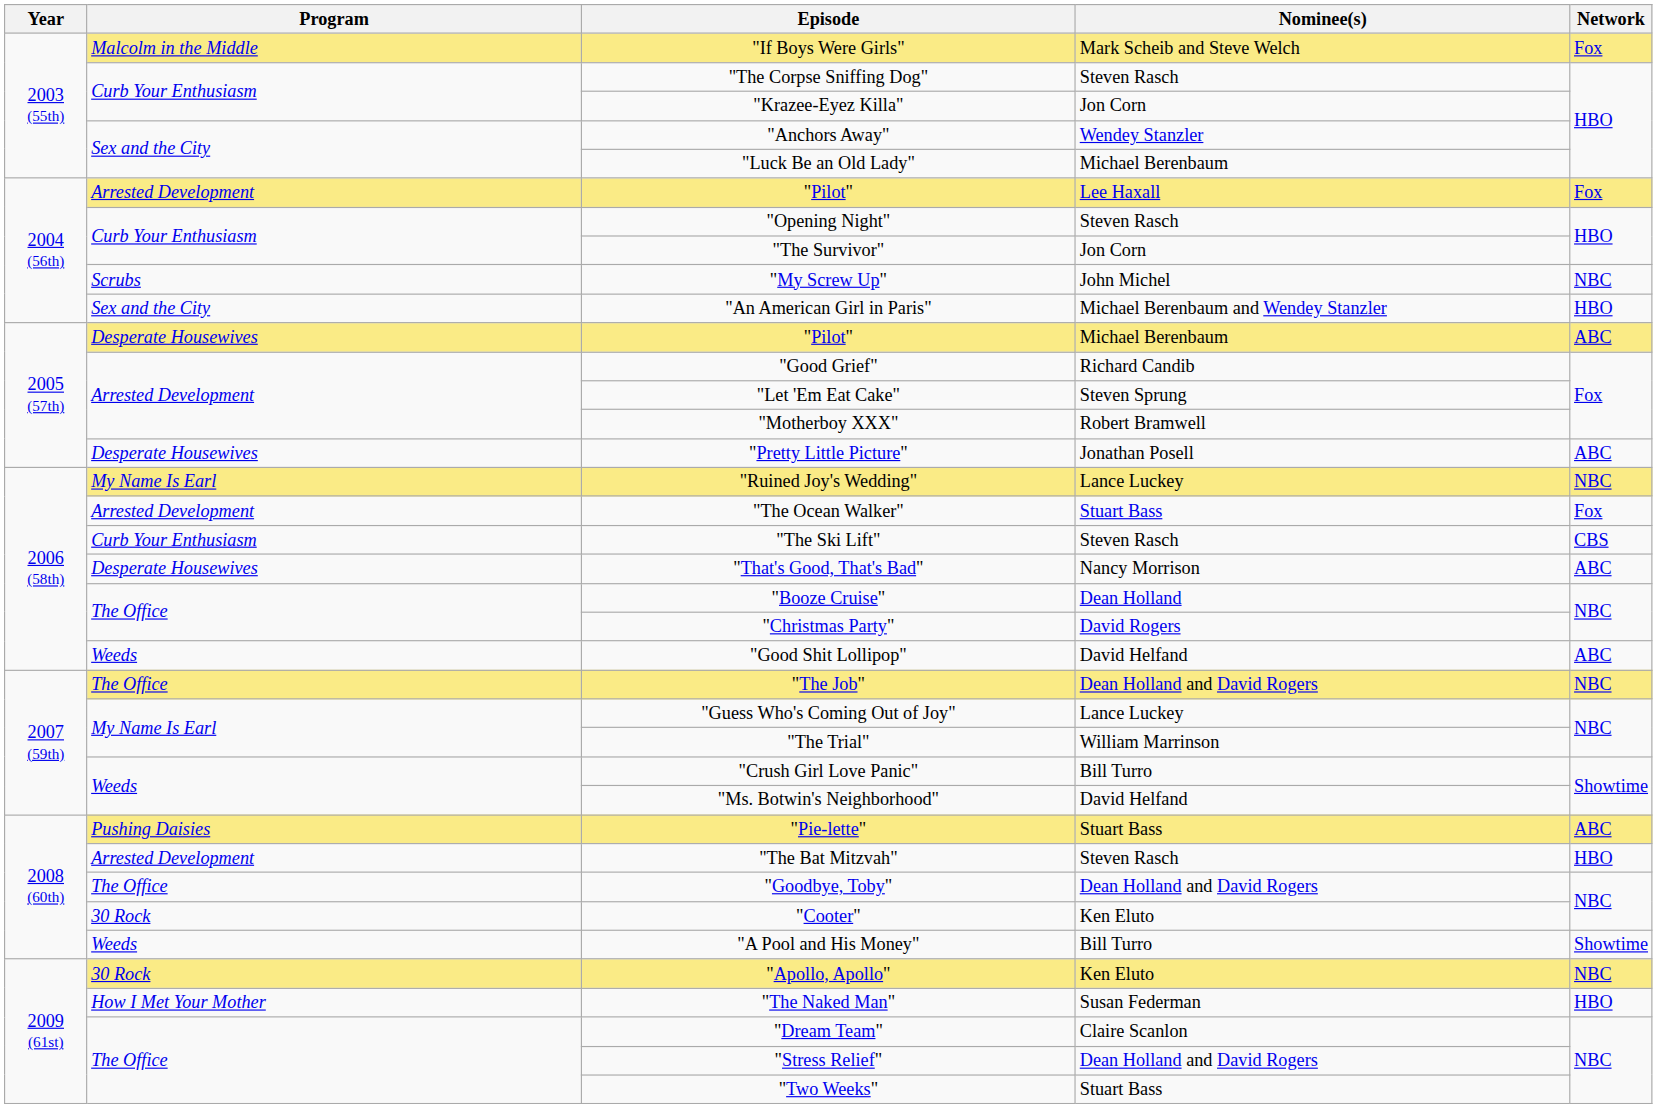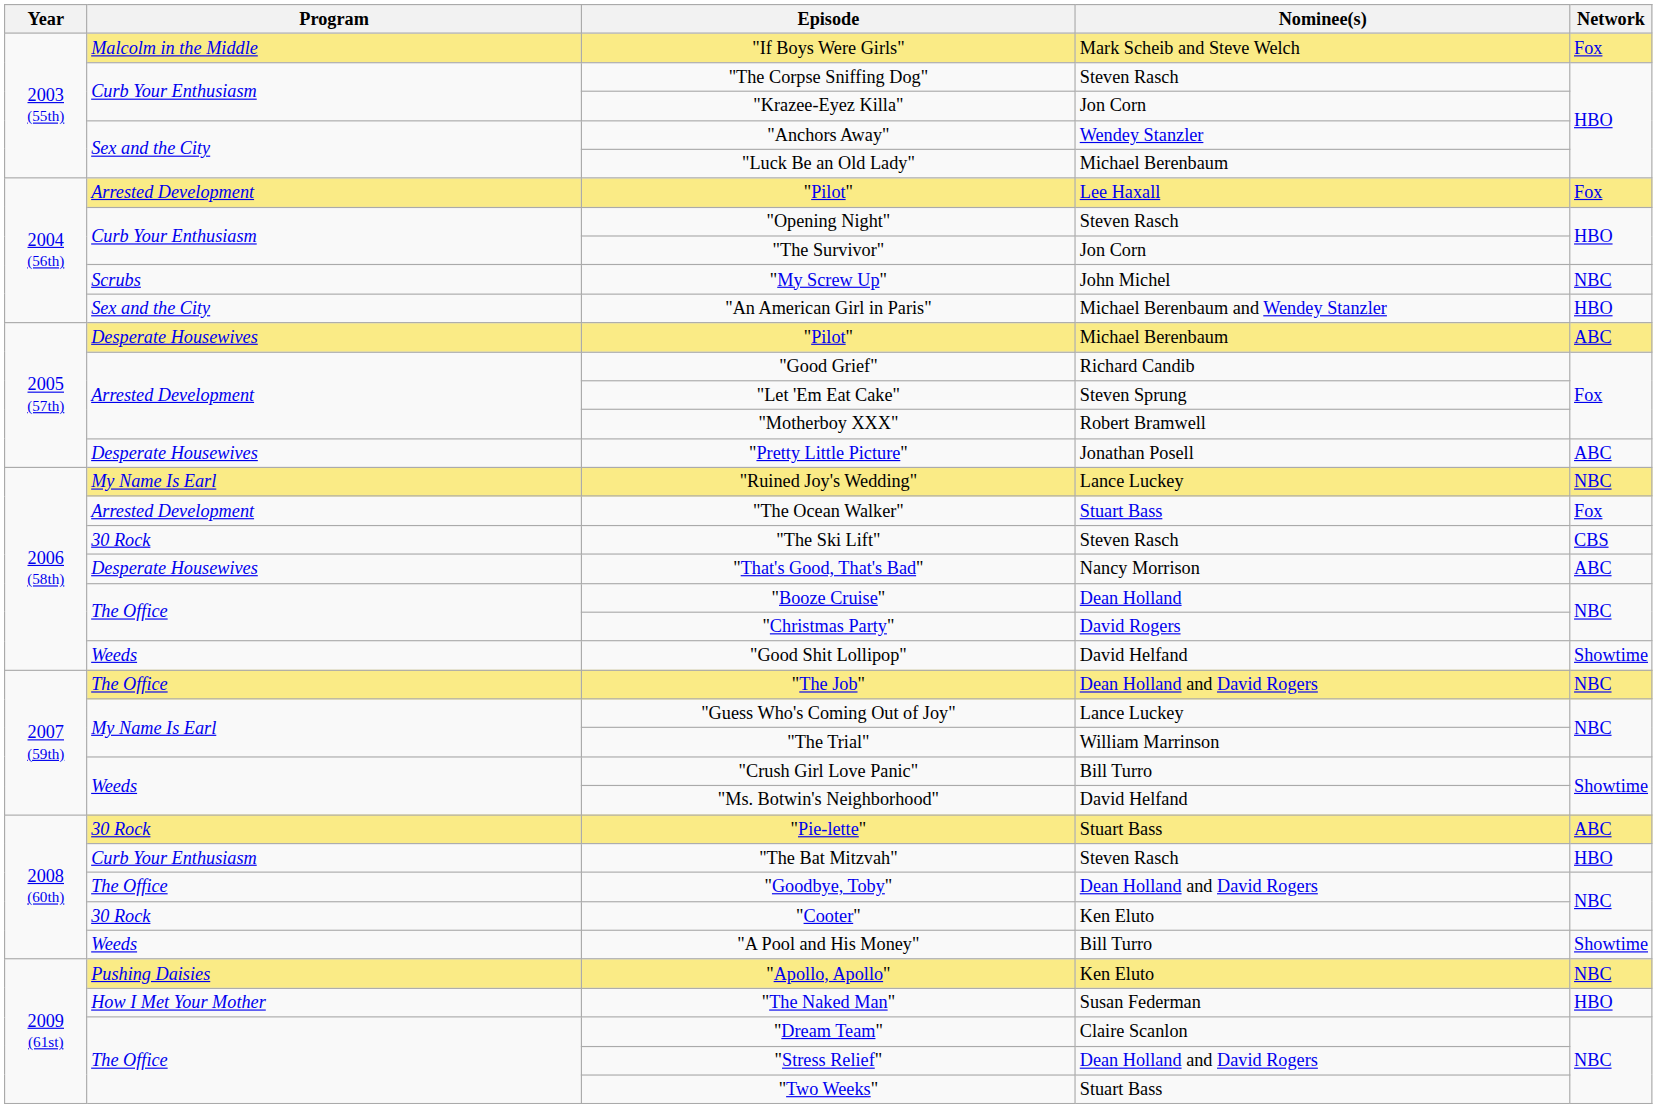 <table class="wikitable">
 <tr>
 <th width="5%">Year</th>
 <th width="30%">Program</th>
 <th width="30%">Episode</th>
 <th width="30%">Nominee(s)</th>
 <th width="5%">Network</th>
 </tr>
 <tr>
 <td rowspan=5 style="text-align:center;"><a href='#'>2003</a><br><small><a href='#'>(55th)</a></small><br></td>
 <td style="background:#FAEB86;"><em><a href='#'>Malcolm in the Middle</a></em></td>
 <td style="background:#FAEB86;" align=center>"If Boys Were Girls"</td>
 <td style="background:#FAEB86;">Mark Scheib and Steve Welch</td>
 <td style="background:#FAEB86;"><a href='#'>Fox</a></td>
 </tr>
 <tr>
 <td rowspan=2><em><a href='#'>Curb Your Enthusiasm</a></em></td>
 <td align=center>"The Corpse Sniffing Dog"</td>
 <td>Steven Rasch</td>
 <td rowspan=4><a href='#'>HBO</a></td>
 </tr>
 <tr>
 <td align=center>"Krazee-Eyez Killa"</td>
 <td>Jon Corn</td>
 </tr>
 <tr>
 <td rowspan=2><em><a href='#'>Sex and the City</a></em></td>
 <td align=center>"Anchors Away"</td>
 <td><a href='#'>Wendey Stanzler</a></td>
 </tr>
 <tr>
 <td align=center>"Luck Be an Old Lady"</td>
 <td>Michael Berenbaum</td>
 </tr>
 <tr>
 <td rowspan=5 style="text-align:center;"><a href='#'>2004</a><br><small><a href='#'>(56th)</a></small><br></td>
 <td style="background:#FAEB86;"><em><a href='#'>Arrested Development</a></em></td>
 <td style="background:#FAEB86;" align=center>"<a href='#'>Pilot</a>"</td>
 <td style="background:#FAEB86;"><a href='#'>Lee Haxall</a></td>
 <td style="background:#FAEB86;"><a href='#'>Fox</a></td>
 </tr>
 <tr>
 <td rowspan=2><em><a href='#'>Curb Your Enthusiasm</a></em></td>
 <td align=center>"Opening Night"</td>
 <td>Steven Rasch</td>
 <td rowspan=2><a href='#'>HBO</a></td>
 </tr>
 <tr>
 <td align=center>"The Survivor"</td>
 <td>Jon Corn</td>
 </tr>
 <tr>
 <td><em><a href='#'>Scrubs</a></em></td>
 <td align=center>"<a href='#'>My Screw Up</a>"</td>
 <td>John Michel</td>
 <td><a href='#'>NBC</a></td>
 </tr>
 <tr>
 <td><em><a href='#'>Sex and the City</a></em></td>
 <td align=center>"An American Girl in Paris"</td>
 <td>Michael Berenbaum and <a href='#'>Wendey Stanzler</a></td>
 <td><a href='#'>HBO</a></td>
 </tr>
 <tr>
 <td rowspan=5 style="text-align:center;"><a href='#'>2005</a><br><small><a href='#'>(57th)</a></small><br></td>
 <td style="background:#FAEB86;"><em><a href='#'>Desperate Housewives</a></em></td>
 <td style="background:#FAEB86;" align=center>"<a href='#'>Pilot</a>"</td>
 <td style="background:#FAEB86;">Michael Berenbaum</td>
 <td style="background:#FAEB86;"><a href='#'>ABC</a></td>
 </tr>
 <tr>
 <td rowspan=3><em><a href='#'>Arrested Development</a></em></td>
 <td align=center>"Good Grief"</td>
 <td>Richard Candib</td>
 <td rowspan=3><a href='#'>Fox</a></td>
 </tr>
 <tr>
 <td align=center>"Let 'Em Eat Cake"</td>
 <td>Steven Sprung</td>
 </tr>
 <tr>
 <td align=center>"Motherboy XXX"</td>
 <td>Robert Bramwell</td>
 </tr>
 <tr>
 <td><em><a href='#'>Desperate Housewives</a></em></td>
 <td align=center>"<a href='#'>Pretty Little Picture</a>"</td>
 <td>Jonathan Posell</td>
 <td><a href='#'>ABC</a></td>
 </tr>
 <tr>
 <td rowspan=7 style="text-align:center;"><a href='#'>2006</a><br><small><a href='#'>(58th)</a></small><br></td>
 <td style="background:#FAEB86;"><em><a href='#'>My Name Is Earl</a></em></td>
 <td style="background:#FAEB86;" align=center>"Ruined Joy's Wedding"</td>
 <td style="background:#FAEB86;">Lance Luckey</td>
 <td style="background:#FAEB86;"><a href='#'>NBC</a></td>
 </tr>
 <tr>
 <td><em><a href='#'>Arrested Development</a></em></td>
 <td align=center>"The Ocean Walker"</td>
 <td><a href='#'>Stuart Bass</a></td>
 <td><a href='#'>Fox</a></td>
 </tr>
 <tr>
-<td><em><a href='#'>Curb Your Enthusiasm</a></em></td>
+<td><em><a href='#'>30 Rock</a></em></td>
 <td align=center>"The Ski Lift"</td>
 <td>Steven Rasch</td>
 <td><a href='#'>CBS</a></td>
 </tr>
 <tr>
 <td><em><a href='#'>Desperate Housewives</a></em></td>
 <td align=center>"<a href='#'>That's Good, That's Bad</a>"</td>
 <td>Nancy Morrison</td>
 <td><a href='#'>ABC</a></td>
 </tr>
 <tr>
 <td rowspan=2><em><a href='#'>The Office</a></em></td>
 <td align=center>"<a href='#'>Booze Cruise</a>"</td>
 <td><a href='#'>Dean Holland</a></td>
 <td rowspan=2><a href='#'>NBC</a></td>
 </tr>
 <tr>
 <td align=center>"<a href='#'>Christmas Party</a>"</td>
 <td><a href='#'>David Rogers</a></td>
 </tr>
 <tr>
 <td><em><a href='#'>Weeds</a></em></td>
 <td align=center>"Good Shit Lollipop"</td>
 <td>David Helfand</td>
-<td><a href='#'>ABC</a></td>
+<td><a href='#'>Showtime</a></td>
 </tr>
 <tr>
 <td rowspan=5 style="text-align:center;"><a href='#'>2007</a><br><small><a href='#'>(59th)</a></small><br></td>
 <td style="background:#FAEB86;"><em><a href='#'>The Office</a></em></td>
 <td style="background:#FAEB86;" align=center>"<a href='#'>The Job</a>"</td>
 <td style="background:#FAEB86;"><a href='#'>Dean Holland</a> and <a href='#'>David Rogers</a></td>
 <td style="background:#FAEB86;"><a href='#'>NBC</a></td>
 </tr>
 <tr>
 <td rowspan=2><em><a href='#'>My Name Is Earl</a></em></td>
 <td align=center>"Guess Who's Coming Out of Joy"</td>
 <td>Lance Luckey</td>
 <td rowspan=2><a href='#'>NBC</a></td>
 </tr>
 <tr>
 <td align=center>"The Trial"</td>
 <td>William Marrinson</td>
 </tr>
 <tr>
 <td rowspan=2><em><a href='#'>Weeds</a></em></td>
 <td align=center>"Crush Girl Love Panic"</td>
 <td>Bill Turro</td>
 <td rowspan=2><a href='#'>Showtime</a></td>
 </tr>
 <tr>
 <td align=center>"Ms. Botwin's Neighborhood"</td>
 <td>David Helfand</td>
 </tr>
 <tr>
 <td rowspan=5 style="text-align:center;"><a href='#'>2008</a><br><small><a href='#'>(60th)</a></small><br></td>
-<td style="background:#FAEB86;"><em><a href='#'>Pushing Daisies</a></em></td>
+<td style="background:#FAEB86;"><em><a href='#'>30 Rock</a></em></td>
 <td style="background:#FAEB86;" align=center>"<a href='#'>Pie-lette</a>"</td>
 <td style="background:#FAEB86;">Stuart Bass</td>
 <td style="background:#FAEB86;"><a href='#'>ABC</a></td>
 </tr>
 <tr>
-<td><em><a href='#'>Arrested Development</a></em></td>
+<td><em><a href='#'>Curb Your Enthusiasm</a></em></td>
 <td align=center>"The Bat Mitzvah"</td>
 <td>Steven Rasch</td>
 <td><a href='#'>HBO</a></td>
 </tr>
 <tr>
 <td><em><a href='#'>The Office</a></em></td>
 <td align=center>"<a href='#'>Goodbye, Toby</a>"</td>
 <td><a href='#'>Dean Holland</a> and <a href='#'>David Rogers</a></td>
 <td rowspan=2><a href='#'>NBC</a></td>
 </tr>
 <tr>
 <td><em><a href='#'>30 Rock</a></em></td>
 <td align=center>"<a href='#'>Cooter</a>"</td>
 <td>Ken Eluto</td>
 </tr>
 <tr>
 <td><em><a href='#'>Weeds</a></em></td>
 <td align=center>"A Pool and His Money"</td>
 <td>Bill Turro</td>
 <td><a href='#'>Showtime</a></td>
 </tr>
 <tr>
 <td rowspan=5 style="text-align:center;"><a href='#'>2009</a><br><small><a href='#'>(61st)</a></small><br></td>
-<td style="background:#FAEB86;"><em><a href='#'>30 Rock</a></em></td>
+<td style="background:#FAEB86;"><em><a href='#'>Pushing Daisies</a></em></td>
 <td style="background:#FAEB86;" align=center>"<a href='#'>Apollo, Apollo</a>"</td>
 <td style="background:#FAEB86;">Ken Eluto</td>
 <td style="background:#FAEB86;"><a href='#'>NBC</a></td>
 </tr>
 <tr>
 <td><em><a href='#'>How I Met Your Mother</a></em></td>
 <td align=center>"<a href='#'>The Naked Man</a>"</td>
 <td>Susan Federman</td>
 <td><a href='#'>HBO</a></td>
 </tr>
 <tr>
 <td rowspan=3><em><a href='#'>The Office</a></em></td>
 <td align=center>"<a href='#'>Dream Team</a>"</td>
 <td>Claire Scanlon</td>
 <td rowspan=3><a href='#'>NBC</a></td>
 </tr>
 <tr>
 <td align=center>"<a href='#'>Stress Relief</a>"</td>
 <td><a href='#'>Dean Holland</a> and <a href='#'>David Rogers</a></td>
 </tr>
 <tr>
 <td align=center>"<a href='#'>Two Weeks</a>"</td>
 <td>Stuart Bass</td>
 </tr>
 </table>
